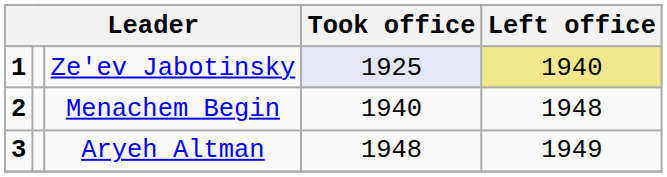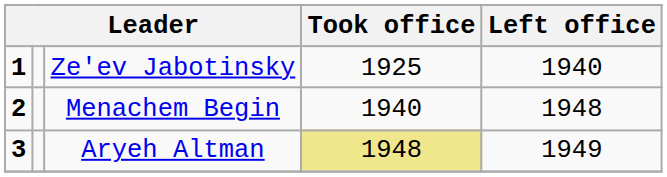 <table class="wikitable" style="text-align: center;">
 <tr>
 <th colspan="3">Leader</th>
 <th>Took office</th>
 <th>Left office</th>
 </tr>
 <tr>
 <td style="background: "><strong>1</strong></td>
 <td></td>
 <td><a href='#'>Ze'ev Jabotinsky</a></td>
-<td style="background: lavender;">1925</td>
-<td style="background: khaki;">1940</td>
+<td>1925</td>
+<td>1940</td>
 </tr>
 <tr>
 <td style="background: "><strong>2</strong></td>
 <td></td>
 <td><a href='#'>Menachem Begin</a></td>
 <td>1940</td>
 <td>1948</td>
 </tr>
 <tr>
 <td style="background: "><strong>3</strong></td>
 <td></td>
 <td><a href='#'>Aryeh Altman</a></td>
-<td>1948</td>
+<td style="background: khaki;">1948</td>
 <td>1949</td>
 </tr>
 <tr>
 </tr>
 </table>
